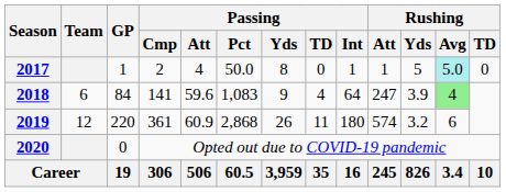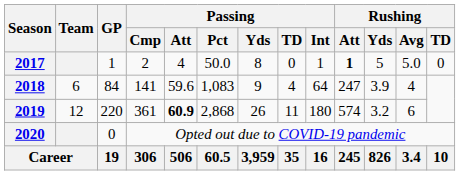 <table class="wikitable" style="text-align:center;">
 <tr>
 <th rowspan="2">Season</th>
 <th rowspan="2">Team</th>
 <th rowspan="2">GP</th>
 <th colspan="6">Passing</th>
 <th colspan="4">Rushing</th>
 </tr>
 <tr>
 <th>Cmp</th>
 <th>Att</th>
 <th>Pct</th>
 <th>Yds</th>
 <th>TD</th>
 <th>Int</th>
 <th>Att</th>
 <th>Yds</th>
 <th>Avg</th>
 <th>TD</th>
 </tr>
 <tr>
 <th><a href='#'>2017</a></th>
 <th><a href='#'></a></th>
 <td>1</td>
 <td>2</td>
 <td>4</td>
 <td>50.0</td>
 <td>8</td>
 <td>0</td>
 <td>1</td>
-<td>1</td>
+<td><strong>1</strong></td>
 <td>5</td>
-<td style="background: paleturquoise;">5.0</td>
+<td>5.0</td>
 <td>0</td>
 </tr>
 <tr>
 <th><a href='#'>2018</a></th>
 <td>6</td>
 <td>84</td>
 <td>141</td>
 <td>59.6</td>
 <td>1,083</td>
 <td>9</td>
 <td>4</td>
 <td>64</td>
 <td>247</td>
 <td>3.9</td>
-<td style="background: lightgreen;">4</td>
+<td>4</td>
 </tr>
 <tr>
 <th><a href='#'>2019</a></th>
 <td>12</td>
 <td>220</td>
 <td>361</td>
-<td>60.9</td>
+<td><strong>60.9</strong></td>
 <td>2,868</td>
 <td>26</td>
 <td>11</td>
 <td>180</td>
 <td>574</td>
 <td>3.2</td>
 <td>6</td>
 </tr>
 <tr>
 <th><a href='#'>2020</a></th>
 <th><a href='#'></a></th>
 <td>0</td>
 <td colspan="10"><em>Opted out due to <a href='#'>COVID-19 pandemic</a></em></td>
 </tr>
 <tr>
 <th colspan="2">Career</th>
 <th>19</th>
 <th>306</th>
 <th>506</th>
 <th>60.5</th>
 <th>3,959</th>
 <th>35</th>
 <th>16</th>
 <th>245</th>
 <th>826</th>
 <th>3.4</th>
 <th>10</th>
 </tr>
 </table>
